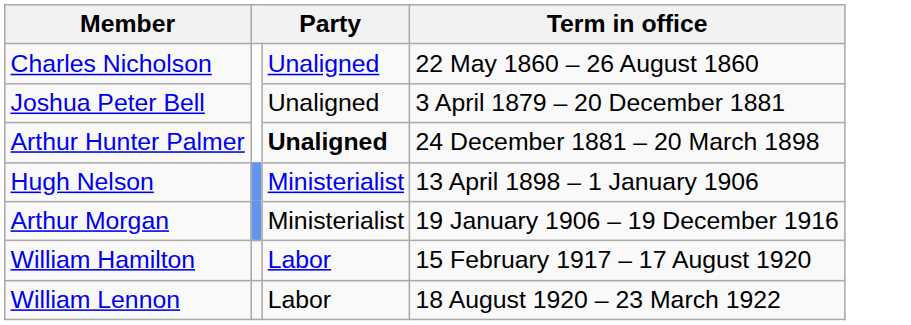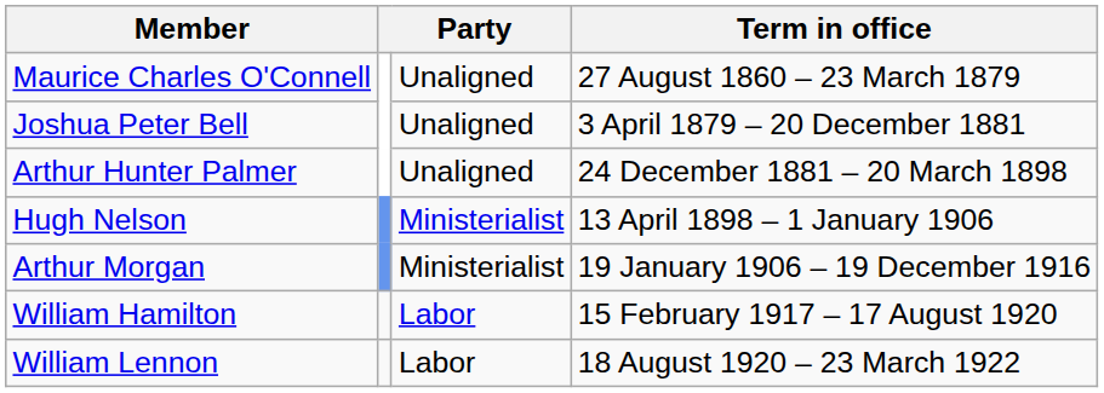 <table class="wikitable sortable">
 <tr>
 <th>Member</th>
 <th colspan=2>Party</th>
 <th>Term in office</th>
 </tr>
 <tr>
-<td><a href='#'>Charles Nicholson</a></td>
+<td><a href='#'>Maurice Charles O'Connell</a></td>
 <td style="background-color: white; border-top:solid 0 gray; border-bottom:solid 0 gray; align=center"></td>
-<td><a href='#'>Unaligned</a></td>
-<td>22 May 1860 – 26 August 1860</td>
+<td>Unaligned</td>
+<td>27 August 1860 – 23 March 1879</td>
 </tr>
 <tr>
 <td><a href='#'>Joshua Peter Bell</a></td>
 <td style="background-color: white; border-top:solid 0 gray; border-bottom:solid 0 gray; align=center"></td>
 <td>Unaligned</td>
 <td>3 April 1879 – 20 December 1881</td>
 </tr>
 <tr>
 <td><a href='#'>Arthur Hunter Palmer</a></td>
 <td style="background-color: white; border-top:solid 0 gray; border-bottom:solid 0 gray; align=center"></td>
-<td><strong>Unaligned</strong></td>
+<td>Unaligned</td>
 <td>24 December 1881 – 20 March 1898</td>
 </tr>
 <tr>
 <td><a href='#'>Hugh Nelson</a></td>
 <td style="background-color: #6495ED; border-top:solid 0 gray; border-bottom:solid 0 gray; align=center"></td>
 <td><a href='#'>Ministerialist</a></td>
 <td>13 April 1898 – 1 January 1906</td>
 </tr>
 <tr>
 <td><a href='#'>Arthur Morgan</a></td>
 <td style="background-color: #6495ED; border-top:solid 0 gray; border-bottom:solid 0 gray; align=center"></td>
 <td>Ministerialist</td>
 <td>19 January 1906 – 19 December 1916</td>
 </tr>
 <tr>
 <td><a href='#'>William Hamilton</a></td>
 <td style="background-color: "></td>
 <td><a href='#'>Labor</a></td>
 <td>15 February 1917 – 17 August 1920</td>
 </tr>
 <tr>
 <td><a href='#'>William Lennon</a></td>
 <td style="background-color: "></td>
 <td>Labor</td>
 <td>18 August 1920 – 23 March 1922</td>
 </tr>
 </table>
